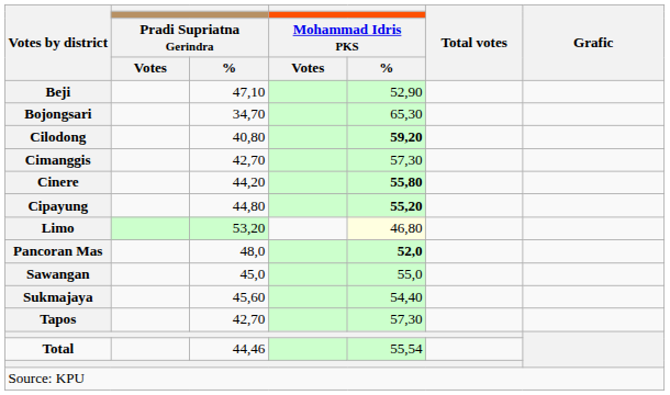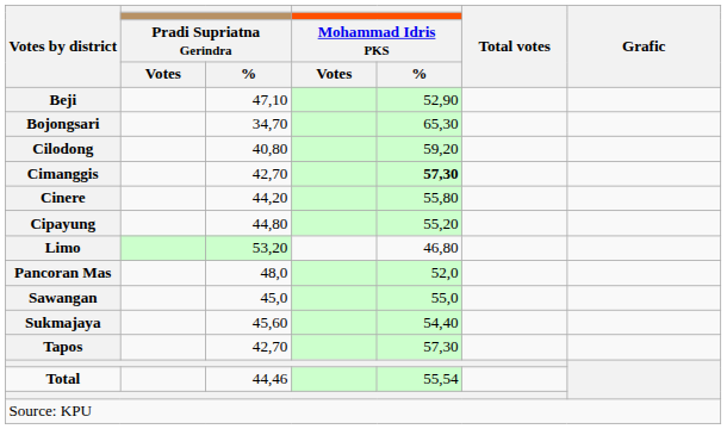 <table class="wikitable">
 <tr>
 <th style="text-align:center;" rowspan="4">Votes by district</th>
 <th style="text-align:center;" colspan="2"></th>
 <th style="text-align:center;" colspan="2"></th>
 <th style="text-align:center;" width=100px rowspan="4">Total votes</th>
 <th style="text-align:center;" width=150px rowspan="4">Grafic</th>
 </tr>
 <tr>
 <td bgcolor=#B79164 colspan=2></td>
 <td bgcolor=#FE5000 colspan=2></td>
 </tr>
 <tr>
 <th style="text-align:center;" colspan="2">Pradi Supriatna<br><small>Gerindra</small></th>
 <th style="text-align:center;" colspan="2"><a href='#'>Mohammad Idris</a><br><small>PKS</small></th>
 </tr>
 <tr>
 <th width=80px style="text-align:center;">Votes</th>
 <th width=80px style="text-align:center;">%</th>
 <th width=80px style="text-align:center;">Votes</th>
 <th width=80px style="text-align:center;">%</th>
 </tr>
 <tr>
 <th style="text-align:center;">Beji</th>
 <td style="text-align:right;"></td>
 <td style="text-align:right;">47,10</td>
 <td style="background:#cfc; text-align:right;"></td>
 <td style="background:#cfc; text-align:right;">52,90</td>
 <td style="text-align:right;"></td>
 <td></td>
 </tr>
 <tr>
 <th style="text-align:center;">Bojongsari</th>
 <td style="text-align:right;"></td>
 <td style="text-align:right;">34,70</td>
 <td style="background:#cfc; text-align:right;"></td>
 <td style="background:#cfc; text-align:right;">65,30</td>
 <td style="text-align:right;"></td>
 <td></td>
 </tr>
 <tr>
 <th style="text-align:center;">Cilodong</th>
 <td style="text-align:right;"></td>
 <td style="text-align:right;">40,80</td>
 <td style="background:#cfc; text-align:right;"></td>
-<td style="background:#cfc; text-align:right;"><strong>59,20</strong></td>
+<td style="background:#cfc; text-align:right;">59,20</td>
 <td style="text-align:right;"></td>
 <td></td>
 </tr>
 <tr>
 <th style="text-align:center;">Cimanggis</th>
 <td style="text-align:right;"></td>
 <td style="text-align:right;">42,70</td>
 <td style="background:#cfc; text-align:right;"></td>
-<td style="background:#cfc; text-align:right;">57,30</td>
+<td style="background:#cfc; text-align:right;"><strong>57,30</strong></td>
 <td style="text-align:right;"></td>
 <td></td>
 </tr>
 <tr>
 <th style="text-align:center;">Cinere</th>
 <td style="text-align:right;"></td>
 <td style="text-align:right;">44,20</td>
 <td style="background:#cfc; text-align:right;"></td>
-<td style="background:#cfc; text-align:right;"><strong>55,80</strong></td>
+<td style="background:#cfc; text-align:right;">55,80</td>
 <td style="text-align:right;"></td>
 <td></td>
 </tr>
 <tr>
 <th style="text-align:center;">Cipayung</th>
 <td style="text-align:right;"></td>
 <td style="text-align:right;">44,80</td>
 <td style="background:#cfc; text-align:right;"></td>
-<td style="background:#cfc; text-align:right;"><strong>55,20</strong></td>
+<td style="background:#cfc; text-align:right;">55,20</td>
 <td style="text-align:right;"></td>
 <td></td>
 </tr>
 <tr>
 <th style="text-align:center;">Limo</th>
 <td style="background:#cfc; text-align:right;"></td>
 <td style="background:#cfc; text-align:right;">53,20</td>
 <td style="text-align:right;"></td>
-<td style="background: lightyellow; text-align:right;">46,80</td>
+<td style="text-align:right;">46,80</td>
 <td style="text-align:right;"></td>
 <td></td>
 </tr>
 <tr>
 <th style="text-align:center;">Pancoran Mas</th>
 <td style="text-align:right;"></td>
 <td style="text-align:right;">48,0</td>
 <td style="background:#cfc; text-align:right;"></td>
-<td style="background:#cfc; text-align:right;"><strong>52,0</strong></td>
+<td style="background:#cfc; text-align:right;">52,0</td>
 <td style="text-align:right;"></td>
 <td></td>
 </tr>
 <tr>
 <th style="text-align:center;">Sawangan</th>
 <td style="text-align:right;"></td>
 <td style="text-align:right;">45,0</td>
 <td style="background:#cfc; text-align:right;"></td>
 <td style="background:#cfc; text-align:right;">55,0</td>
 <td style="text-align:right;"></td>
 <td></td>
 </tr>
 <tr>
 <th style="text-align:center;">Sukmajaya</th>
 <td style="text-align:right;"></td>
 <td style="text-align:right;">45,60</td>
 <td style="background:#cfc; text-align:right;"></td>
 <td style="background:#cfc; text-align:right;">54,40</td>
 <td style="text-align:right;"></td>
 <td></td>
 </tr>
 <tr>
 <th style="text-align:center;">Tapos</th>
 <td style="text-align:right;"></td>
 <td style="text-align:right;">42,70</td>
 <td style="background:#cfc; text-align:right;"></td>
 <td style="background:#cfc; text-align:right;">57,30</td>
 <td style="text-align:right;"></td>
 <td></td>
 </tr>
 <tr>
 <th colspan="6"></th>
 <th rowspan="3"></th>
 </tr>
 <tr>
 <td align="center"><strong>Total</strong></td>
 <td style="text-align:right;"></td>
 <td style="text-align:right;">44,46</td>
 <td style="background:#cfc; text-align:right;"></td>
 <td style="background:#cfc; text-align:right;">55,54</td>
 <td style="text-align:center;"></td>
 </tr>
 <tr>
 <th colspan="6"></th>
 </tr>
 <tr>
 <td colspan="7">Source: KPU</td>
 </tr>
 </table>
